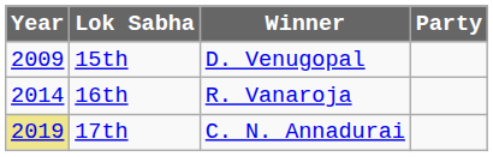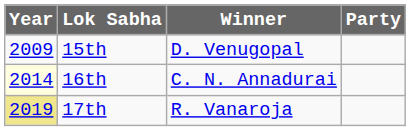 <table class="wikitable sortable">
 <tr>
 <th style="background-color:#666666; color:white">Year</th>
 <th style="background-color:#666666; color:white">Lok Sabha</th>
 <th style="background-color:#666666; color:white">Winner</th>
 <th style="background-color:#666666; color:white" colspan="2">Party</th>
 </tr>
 <tr>
 <td><a href='#'>2009</a></td>
 <td><a href='#'>15th</a></td>
 <td><a href='#'>D. Venugopal</a></td>
 <td></td>
 </tr>
 <tr>
-<td><a href='#'>2014</a></td>
+<td style="background: lightyellow;"><a href='#'>2014</a></td>
 <td><a href='#'>16th</a></td>
-<td><a href='#'>R. Vanaroja</a></td>
+<td><a href='#'>C. N. Annadurai</a></td>
 <td></td>
 </tr>
 <tr>
 <td style="background: khaki;"><a href='#'>2019</a></td>
 <td><a href='#'>17th</a></td>
-<td><a href='#'>C. N. Annadurai</a></td>
+<td><a href='#'>R. Vanaroja</a></td>
 <td></td>
 </tr>
 </table>
